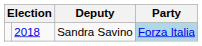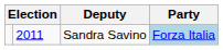 <table class="wikitable">
 <tr>
 <th colspan="2">Election</th>
 <th>Deputy</th>
 <th>Party</th>
 </tr>
 <tr>
 <td></td>
-<td><a href='#'>2018</a></td>
+<td><a href='#'>2011</a></td>
 <td>Sandra Savino</td>
 <td style="background: lightblue;"><a href='#'>Forza Italia</a></td>
 </tr>
 </table>
